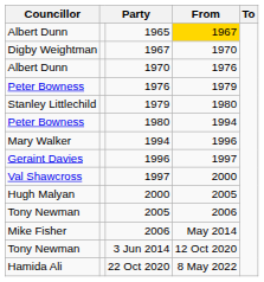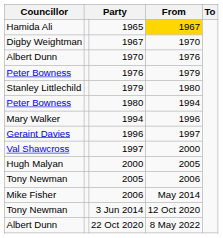 <table class=wikitable>
 <tr>
 <th>Councillor</th>
 <th colspan=2>Party</th>
 <th>From</th>
 <th>To</th>
 </tr>
 <tr>
-<td>Albert Dunn</td>
+<td>Hamida Ali</td>
 <td></td>
 <td align=right>1965</td>
 <td align=right style="background: gold;">1967</td>
 </tr>
 <tr>
 <td>Digby Weightman</td>
 <td></td>
 <td align=right>1967</td>
 <td align=right>1970</td>
 </tr>
 <tr>
 <td>Albert Dunn</td>
 <td></td>
 <td align=right>1970</td>
 <td align=right>1976</td>
 </tr>
 <tr>
 <td><a href='#'>Peter Bowness</a></td>
 <td></td>
 <td align=right>1976</td>
 <td align=right>1979</td>
 </tr>
 <tr>
 <td>Stanley Littlechild</td>
 <td></td>
 <td align=right>1979</td>
 <td align=right>1980</td>
 </tr>
 <tr>
 <td><a href='#'>Peter Bowness</a></td>
 <td></td>
 <td align=right>1980</td>
 <td align=right>1994</td>
 </tr>
 <tr>
 <td>Mary Walker</td>
 <td></td>
 <td align=right>1994</td>
 <td align=right>1996</td>
 </tr>
 <tr>
 <td><a href='#'>Geraint Davies</a></td>
 <td></td>
 <td align=right>1996</td>
 <td align=right>1997</td>
 </tr>
 <tr>
 <td><a href='#'>Val Shawcross</a></td>
 <td></td>
 <td align=right>1997</td>
 <td align=right>2000</td>
 </tr>
 <tr>
 <td>Hugh Malyan</td>
 <td></td>
 <td align=right>2000</td>
 <td align=right>2005</td>
 </tr>
 <tr>
 <td>Tony Newman</td>
 <td></td>
 <td align=right>2005</td>
 <td align=right>2006</td>
 </tr>
 <tr>
 <td>Mike Fisher</td>
 <td></td>
 <td align=right>2006</td>
 <td align=right>May 2014</td>
 </tr>
 <tr>
 <td>Tony Newman</td>
 <td></td>
 <td align=right>3 Jun 2014</td>
 <td align=right>12 Oct 2020</td>
 </tr>
 <tr>
-<td>Hamida Ali</td>
+<td>Albert Dunn</td>
 <td></td>
 <td align=right>22 Oct 2020</td>
 <td align=right>8 May 2022</td>
 </tr>
 </table>
